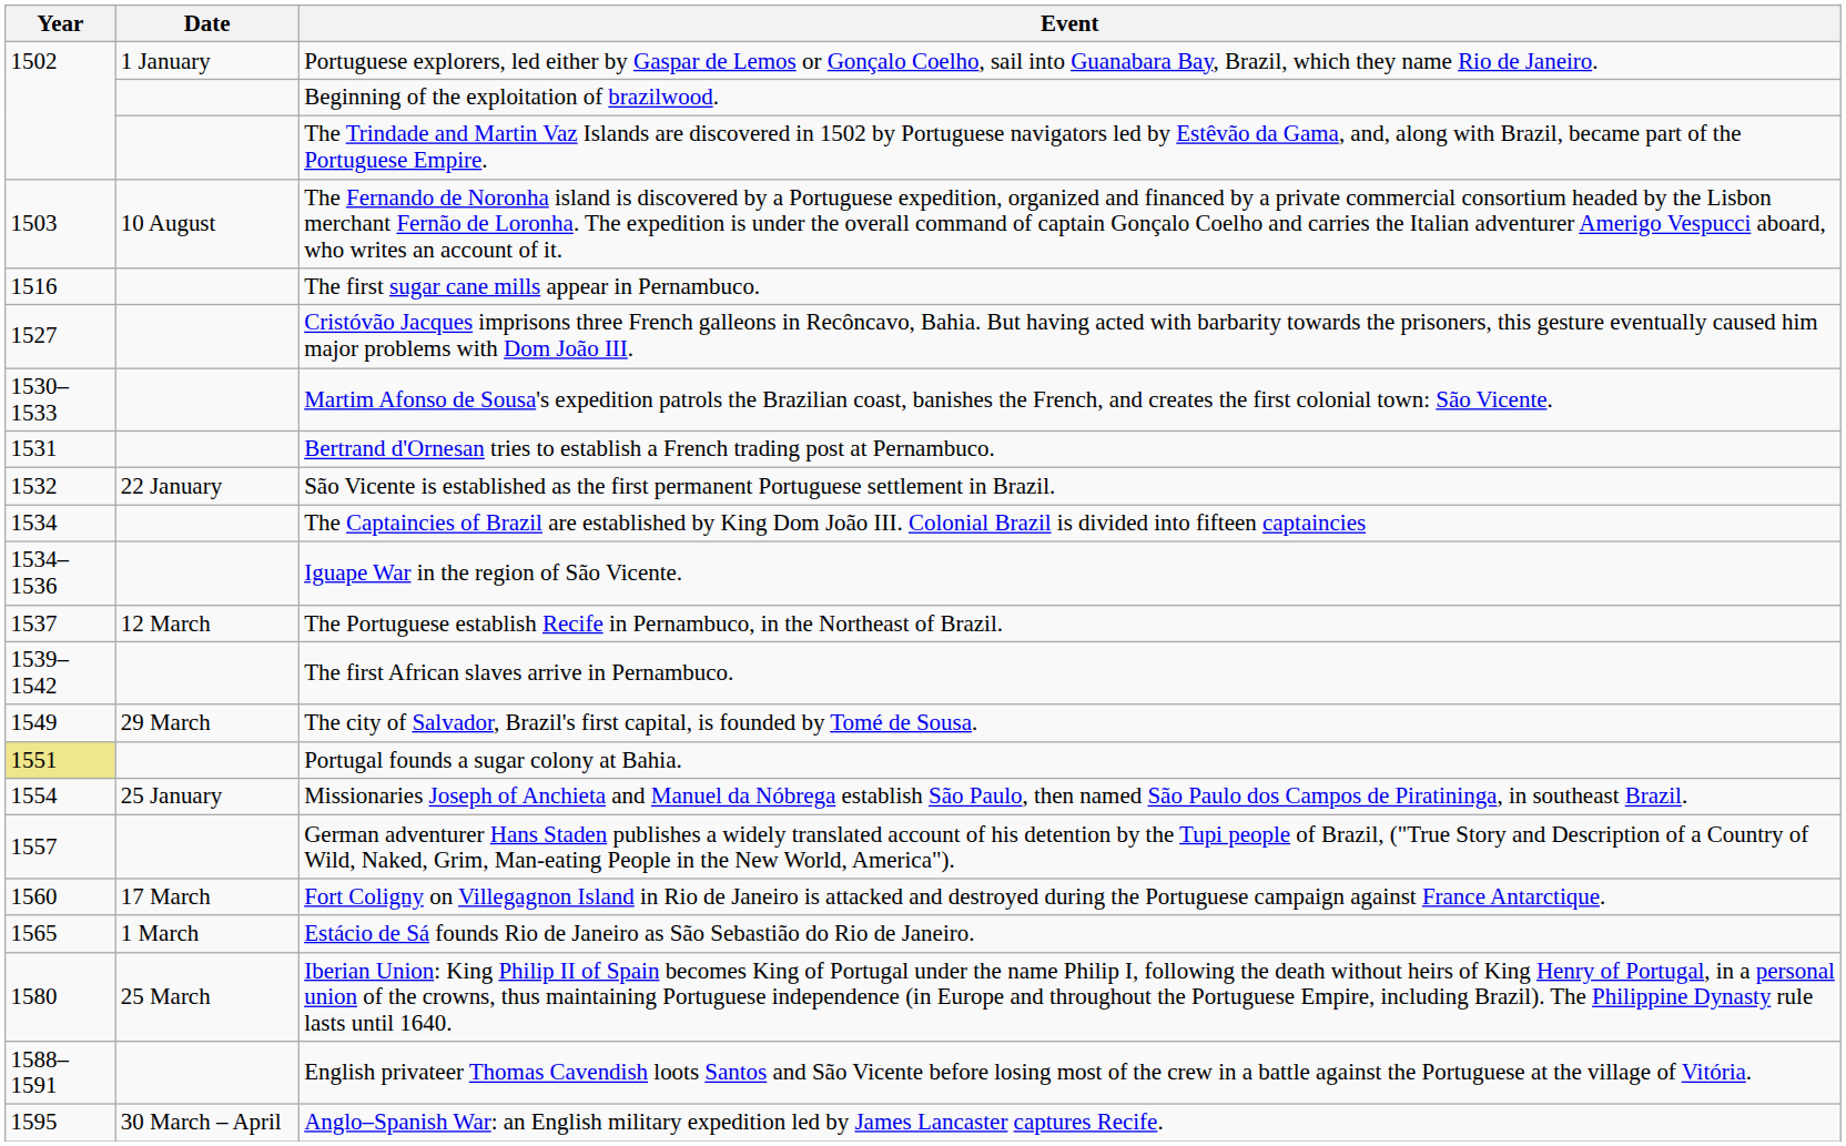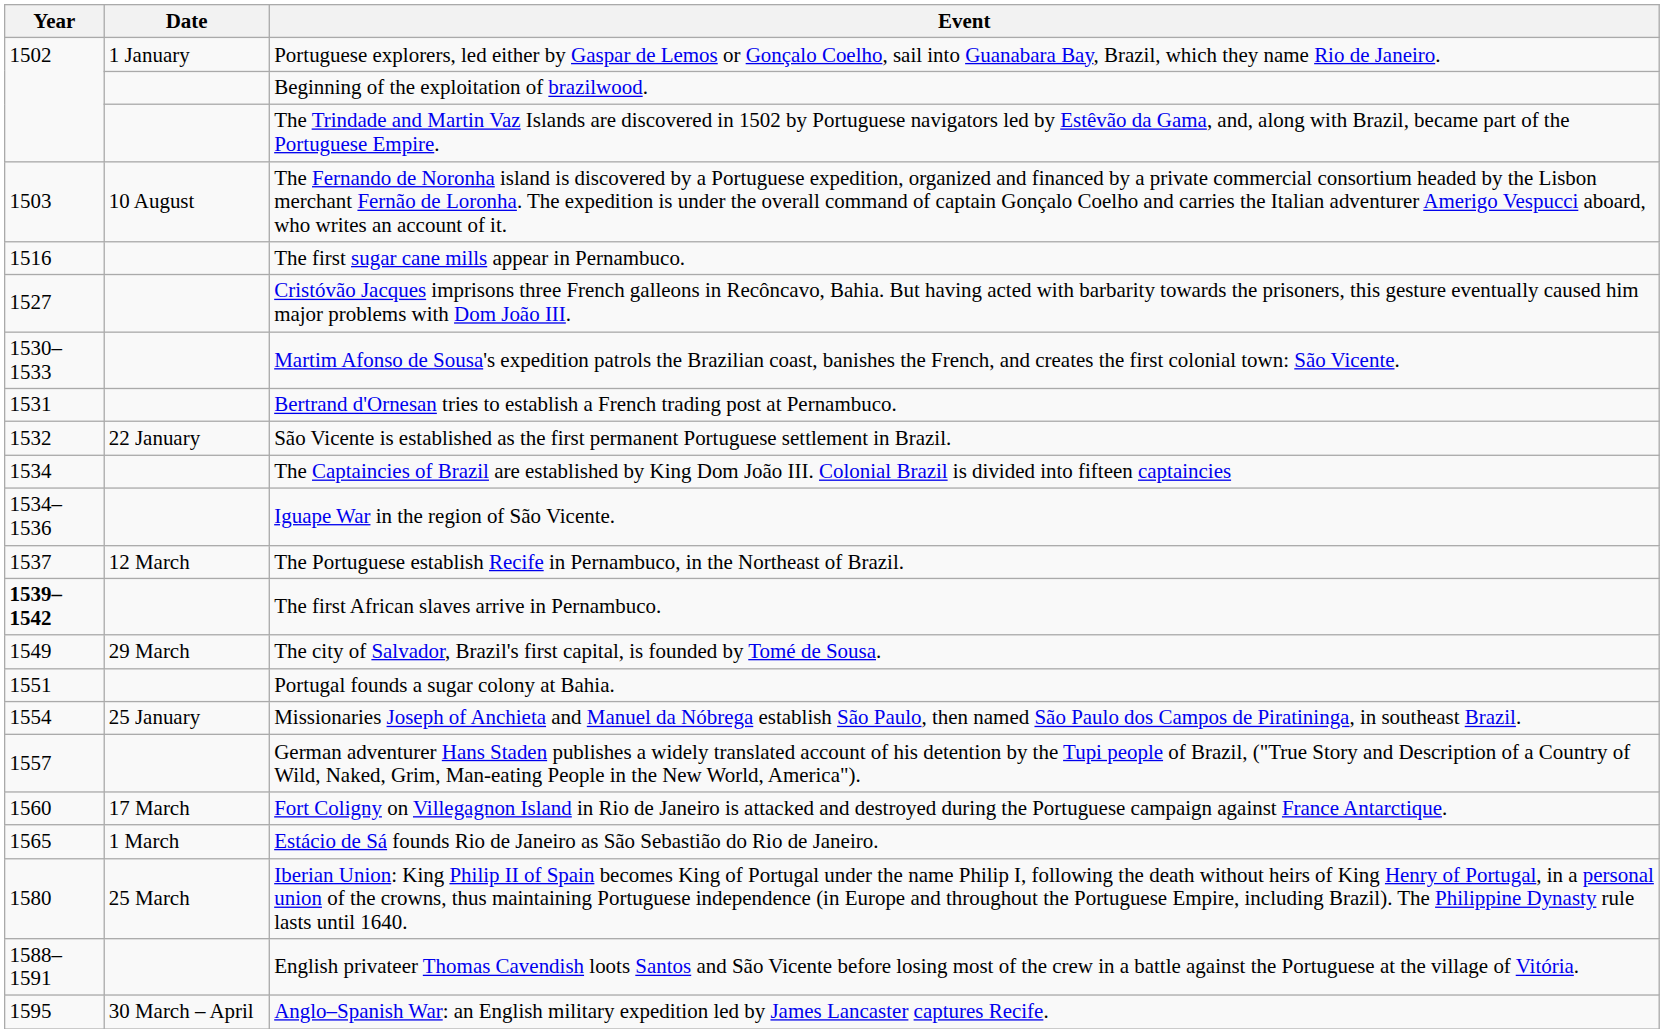 <table class="wikitable" width="100%">
 <tr>
 <th style="width:6%">Year</th>
 <th style="width:10%">Date</th>
 <th>Event</th>
 </tr>
 <tr>
 <td rowspan="3" style="vertical-align:top;">1502</td>
 <td>1 January</td>
 <td>Portuguese explorers, led either by <a href='#'>Gaspar de Lemos</a> or <a href='#'>Gonçalo Coelho</a>, sail into <a href='#'>Guanabara Bay</a>, Brazil, which they name <a href='#'>Rio de Janeiro</a>.</td>
 </tr>
 <tr>
 <td></td>
 <td>Beginning of the exploitation of <a href='#'>brazilwood</a>.</td>
 </tr>
 <tr>
 <td></td>
 <td>The <a href='#'>Trindade and Martin Vaz</a> Islands are discovered in 1502 by Portuguese navigators led by <a href='#'>Estêvão da Gama</a>, and, along with Brazil, became part of the <a href='#'>Portuguese Empire</a>.</td>
 </tr>
 <tr>
 <td>1503</td>
 <td>10 August</td>
 <td>The <a href='#'>Fernando de Noronha</a> island is discovered by a Portuguese expedition, organized and financed by a private commercial consortium headed by the Lisbon merchant <a href='#'>Fernão de Loronha</a>. The expedition is under the overall command of captain Gonçalo Coelho and carries the Italian adventurer <a href='#'>Amerigo Vespucci</a> aboard, who writes an account of it.</td>
 </tr>
 <tr>
 <td>1516</td>
 <td></td>
 <td>The first <a href='#'>sugar cane mills</a> appear in Pernambuco.</td>
 </tr>
 <tr>
 <td>1527</td>
 <td></td>
 <td><a href='#'>Cristóvão Jacques</a> imprisons three French galleons in Recôncavo, Bahia. But having acted with barbarity towards the prisoners, this gesture eventually caused him major problems with <a href='#'>Dom João III</a>.</td>
 </tr>
 <tr>
 <td>1530–1533</td>
 <td></td>
 <td><a href='#'>Martim Afonso de Sousa</a>'s expedition patrols the Brazilian coast, banishes the French, and creates the first colonial town: <a href='#'>São Vicente</a>.</td>
 </tr>
 <tr>
 <td>1531</td>
 <td></td>
 <td><a href='#'>Bertrand d'Ornesan</a> tries to establish a French trading post at Pernambuco.</td>
 </tr>
 <tr>
 <td>1532</td>
 <td>22 January</td>
 <td>São Vicente is established as the first permanent Portuguese settlement in Brazil.</td>
 </tr>
 <tr>
 <td>1534</td>
 <td></td>
 <td>The <a href='#'>Captaincies of Brazil</a> are established by King Dom João III. <a href='#'>Colonial Brazil</a> is divided into fifteen <a href='#'>captaincies</a></td>
 </tr>
 <tr>
 <td>1534–1536</td>
 <td></td>
 <td><a href='#'>Iguape War</a> in the region of São Vicente.</td>
 </tr>
 <tr>
 <td>1537</td>
 <td>12 March</td>
 <td>The Portuguese establish <a href='#'>Recife</a> in Pernambuco, in the Northeast of Brazil.</td>
 </tr>
 <tr>
-<td>1539–1542</td>
+<td><strong>1539–1542</strong></td>
 <td></td>
 <td>The first African slaves arrive in Pernambuco.</td>
 </tr>
 <tr>
 <td>1549</td>
 <td>29 March</td>
 <td>The city of <a href='#'>Salvador</a>, Brazil's first capital, is founded by <a href='#'>Tomé de Sousa</a>.</td>
 </tr>
 <tr>
-<td style="background: khaki;">1551</td>
+<td>1551</td>
 <td></td>
 <td>Portugal founds a sugar colony at Bahia.</td>
 </tr>
 <tr>
 <td>1554</td>
 <td>25 January</td>
 <td>Missionaries <a href='#'>Joseph of Anchieta</a> and <a href='#'>Manuel da Nóbrega</a> establish <a href='#'>São Paulo</a>, then named <a href='#'>São Paulo dos Campos de Piratininga</a>, in southeast <a href='#'>Brazil</a>.</td>
 </tr>
 <tr>
 <td>1557</td>
 <td></td>
 <td>German adventurer <a href='#'>Hans Staden</a> publishes a widely translated account of his detention by the <a href='#'>Tupi people</a> of Brazil,  ("True Story and Description of a Country of Wild, Naked, Grim, Man-eating People in the New World, America").</td>
 </tr>
 <tr>
 <td>1560</td>
 <td>17 March</td>
 <td><a href='#'>Fort Coligny</a> on <a href='#'>Villegagnon Island</a> in Rio de Janeiro is attacked and destroyed during the Portuguese campaign against <a href='#'>France Antarctique</a>.</td>
 </tr>
 <tr>
 <td>1565</td>
 <td>1 March</td>
 <td><a href='#'>Estácio de Sá</a> founds Rio de Janeiro as São Sebastião do Rio de Janeiro.</td>
 </tr>
 <tr>
 <td>1580</td>
 <td>25 March</td>
 <td><a href='#'>Iberian Union</a>: King <a href='#'>Philip II of Spain</a> becomes King of Portugal under the name Philip I, following the death without heirs of King <a href='#'>Henry of Portugal</a>, in a <a href='#'>personal union</a> of the crowns, thus maintaining Portuguese independence (in Europe and throughout the Portuguese Empire, including Brazil). The <a href='#'>Philippine Dynasty</a> rule lasts until 1640.</td>
 </tr>
 <tr>
 <td>1588–1591</td>
 <td></td>
 <td>English privateer <a href='#'>Thomas Cavendish</a> loots <a href='#'>Santos</a> and São Vicente before losing most of the crew in a battle against the Portuguese at the village of <a href='#'>Vitória</a>.</td>
 </tr>
 <tr>
 <td>1595</td>
 <td>30 March – April</td>
 <td><a href='#'>Anglo–Spanish War</a>: an English military expedition led by <a href='#'>James Lancaster</a> <a href='#'>captures Recife</a>.</td>
 </tr>
 </table>
